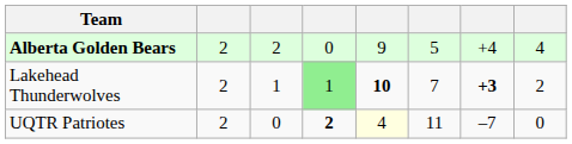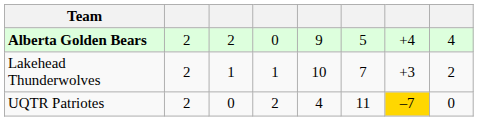 <table class="wikitable" style="text-align:center;">
 <tr>
 <th width=165>Team</th>
 <th width=40></th>
 <th width=40></th>
 <th width=40></th>
 <th width=40></th>
 <th width=40></th>
 <th width=40></th>
 <th width=40></th>
 </tr>
 <tr style="background:#ddffdd">
 <td style="text-align:left;"><strong>Alberta Golden Bears</strong></td>
 <td>2</td>
 <td>2</td>
 <td>0</td>
 <td>9</td>
 <td>5</td>
 <td>+4</td>
 <td>4</td>
 </tr>
 <tr>
 <td style="text-align:left;">Lakehead Thunderwolves</td>
 <td>2</td>
 <td>1</td>
-<td style="background: lightgreen;">1</td>
-<td><strong>10</strong></td>
+<td>1</td>
+<td>10</td>
 <td>7</td>
-<td><strong>+3</strong></td>
+<td>+3</td>
 <td>2</td>
 </tr>
 <tr>
 <td style="text-align:left;">UQTR Patriotes</td>
 <td>2</td>
 <td>0</td>
-<td><strong>2</strong></td>
-<td style="background: lightyellow;">4</td>
+<td>2</td>
+<td>4</td>
 <td>11</td>
-<td>–7</td>
+<td style="background: gold;">–7</td>
 <td>0</td>
 </tr>
 </table>
